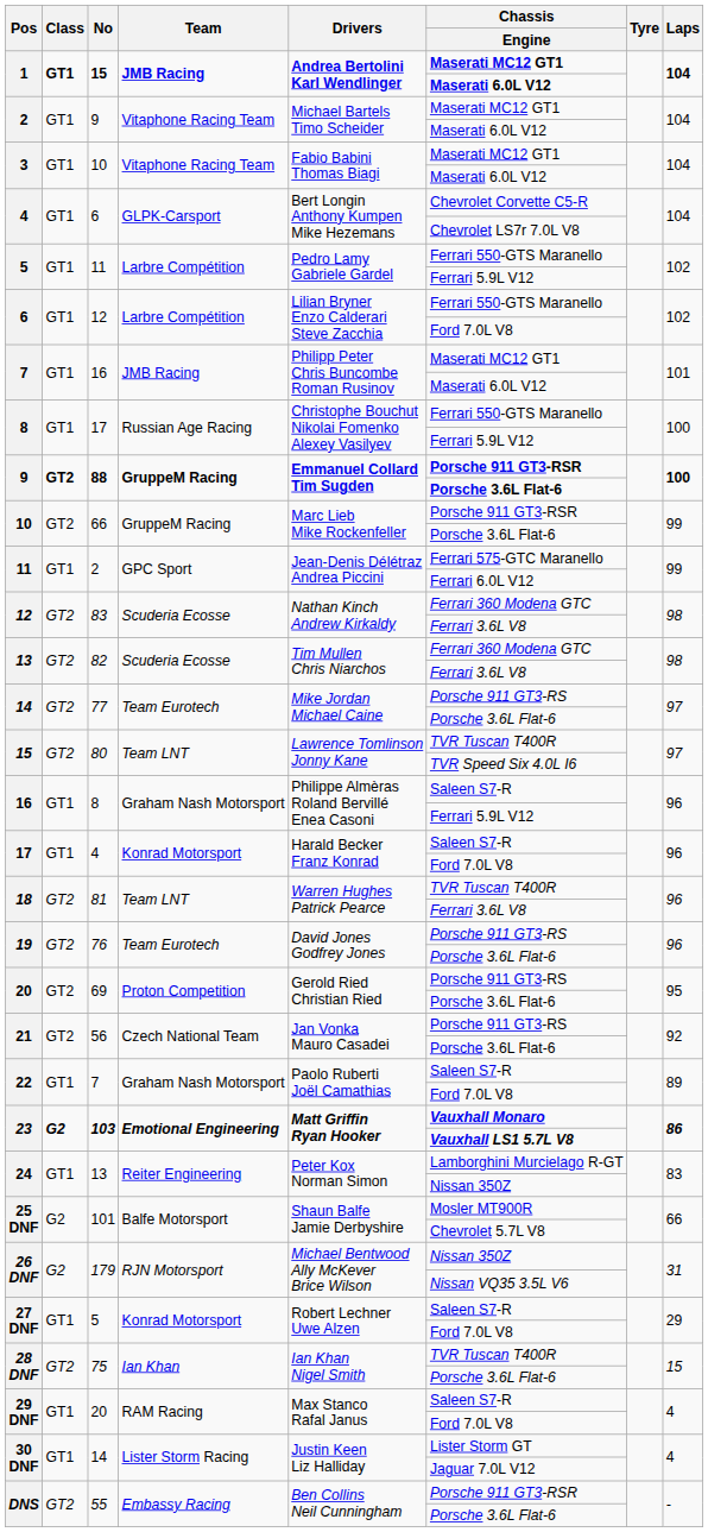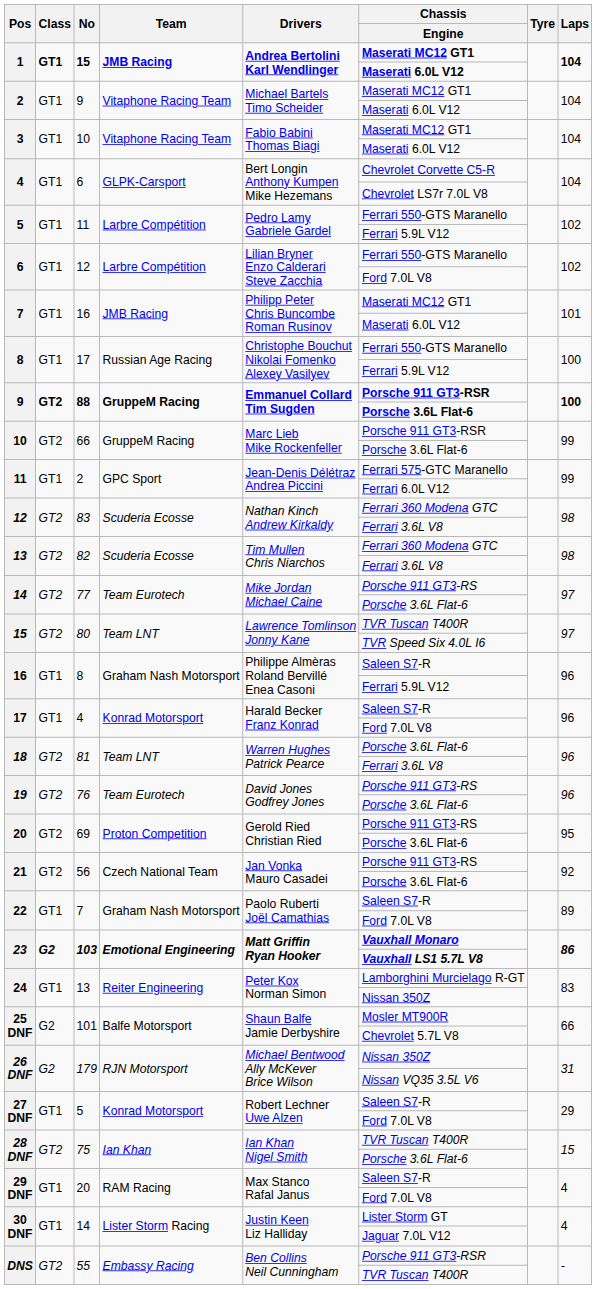 <table class="wikitable" style="font-size: 95%;">
 <tr>
 <th rowspan=2>Pos</th>
 <th rowspan=2>Class</th>
 <th rowspan=2>No</th>
 <th rowspan=2>Team</th>
 <th rowspan=2>Drivers</th>
 <th>Chassis</th>
 <th rowspan=2>Tyre</th>
 <th rowspan=2>Laps</th>
 </tr>
 <tr>
 <th>Engine</th>
 </tr>
 <tr style="font-weight:bold">
 <th rowspan=2>1</th>
 <td rowspan=2>GT1</td>
 <td rowspan=2>15</td>
 <td rowspan=2> <a href='#'>JMB Racing</a></td>
 <td rowspan=2> <a href='#'>Andrea Bertolini</a><br> <a href='#'>Karl Wendlinger</a></td>
 <td><a href='#'>Maserati MC12</a> GT1</td>
 <td rowspan=2></td>
 <td rowspan=2>104</td>
 </tr>
 <tr style="font-weight:bold">
 <td><a href='#'>Maserati</a> 6.0L V12</td>
 </tr>
 <tr>
 <th rowspan=2>2</th>
 <td rowspan=2>GT1</td>
 <td rowspan=2>9</td>
 <td rowspan=2> <a href='#'>Vitaphone Racing Team</a></td>
 <td rowspan=2> <a href='#'>Michael Bartels</a><br> <a href='#'>Timo Scheider</a></td>
 <td><a href='#'>Maserati MC12</a> GT1</td>
 <td rowspan=2></td>
 <td rowspan=2>104</td>
 </tr>
 <tr>
 <td><a href='#'>Maserati</a> 6.0L V12</td>
 </tr>
 <tr>
 <th rowspan=2>3</th>
 <td rowspan=2>GT1</td>
 <td rowspan=2>10</td>
 <td rowspan=2> <a href='#'>Vitaphone Racing Team</a></td>
 <td rowspan=2> <a href='#'>Fabio Babini</a><br> <a href='#'>Thomas Biagi</a></td>
 <td><a href='#'>Maserati MC12</a> GT1</td>
 <td rowspan=2></td>
 <td rowspan=2>104</td>
 </tr>
 <tr>
 <td><a href='#'>Maserati</a> 6.0L V12</td>
 </tr>
 <tr>
 <th rowspan=2>4</th>
 <td rowspan=2>GT1</td>
 <td rowspan=2>6</td>
 <td rowspan=2> <a href='#'>GLPK-Carsport</a></td>
 <td rowspan=2> Bert Longin<br> <a href='#'>Anthony Kumpen</a><br> Mike Hezemans</td>
 <td><a href='#'>Chevrolet Corvette C5-R</a></td>
 <td rowspan=2></td>
 <td rowspan=2>104</td>
 </tr>
 <tr>
 <td><a href='#'>Chevrolet</a> LS7r 7.0L V8</td>
 </tr>
 <tr>
 <th rowspan=2>5</th>
 <td rowspan=2>GT1</td>
 <td rowspan=2>11</td>
 <td rowspan=2> <a href='#'>Larbre Compétition</a></td>
 <td rowspan=2> <a href='#'>Pedro Lamy</a><br> <a href='#'>Gabriele Gardel</a></td>
 <td><a href='#'>Ferrari 550</a>-GTS Maranello</td>
 <td rowspan=2></td>
 <td rowspan=2>102</td>
 </tr>
 <tr>
 <td><a href='#'>Ferrari</a> 5.9L V12</td>
 </tr>
 <tr>
 <th rowspan=2>6</th>
 <td rowspan=2>GT1</td>
 <td rowspan=2>12</td>
 <td rowspan=2> <a href='#'>Larbre Compétition</a></td>
 <td rowspan=2> <a href='#'>Lilian Bryner</a><br> <a href='#'>Enzo Calderari</a><br> <a href='#'>Steve Zacchia</a></td>
 <td><a href='#'>Ferrari 550</a>-GTS Maranello</td>
 <td rowspan=2></td>
 <td rowspan=2>102</td>
 </tr>
 <tr>
 <td><a href='#'>Ford</a> 7.0L V8</td>
 </tr>
 <tr>
 <th rowspan=2>7</th>
 <td rowspan=2>GT1</td>
 <td rowspan=2>16</td>
 <td rowspan=2> <a href='#'>JMB Racing</a></td>
 <td rowspan=2> <a href='#'>Philipp Peter</a><br> <a href='#'>Chris Buncombe</a><br> <a href='#'>Roman Rusinov</a></td>
 <td><a href='#'>Maserati MC12</a> GT1</td>
 <td rowspan=2></td>
 <td rowspan=2>101</td>
 </tr>
 <tr>
 <td><a href='#'>Maserati</a> 6.0L V12</td>
 </tr>
 <tr>
 <th rowspan=2>8</th>
 <td rowspan=2>GT1</td>
 <td rowspan=2>17</td>
 <td rowspan=2> Russian Age Racing</td>
 <td rowspan=2> <a href='#'>Christophe Bouchut</a><br> <a href='#'>Nikolai Fomenko</a><br> <a href='#'>Alexey Vasilyev</a></td>
 <td><a href='#'>Ferrari 550</a>-GTS Maranello</td>
 <td rowspan=2></td>
 <td rowspan=2>100</td>
 </tr>
 <tr>
 <td><a href='#'>Ferrari</a> 5.9L V12</td>
 </tr>
 <tr style="font-weight:bold">
 <th rowspan=2>9</th>
 <td rowspan=2>GT2</td>
 <td rowspan=2>88</td>
 <td rowspan=2> GruppeM Racing</td>
 <td rowspan=2> <a href='#'>Emmanuel Collard</a><br> <a href='#'>Tim Sugden</a></td>
 <td><a href='#'>Porsche 911 GT3</a>-RSR</td>
 <td rowspan=2></td>
 <td rowspan=2>100</td>
 </tr>
 <tr style="font-weight:bold">
 <td><a href='#'>Porsche</a> 3.6L Flat-6</td>
 </tr>
 <tr>
 <th rowspan=2>10</th>
 <td rowspan=2>GT2</td>
 <td rowspan=2>66</td>
 <td rowspan=2> GruppeM Racing</td>
 <td rowspan=2> <a href='#'>Marc Lieb</a><br> <a href='#'>Mike Rockenfeller</a></td>
 <td><a href='#'>Porsche 911 GT3</a>-RSR</td>
 <td rowspan=2></td>
 <td rowspan=2>99</td>
 </tr>
 <tr>
 <td><a href='#'>Porsche</a> 3.6L Flat-6</td>
 </tr>
 <tr>
 <th rowspan=2>11</th>
 <td rowspan=2>GT1</td>
 <td rowspan=2>2</td>
 <td rowspan=2> GPC Sport</td>
 <td rowspan=2> <a href='#'>Jean-Denis Délétraz</a><br> <a href='#'>Andrea Piccini</a></td>
 <td><a href='#'>Ferrari 575</a>-GTC Maranello</td>
 <td rowspan=2></td>
 <td rowspan=2>99</td>
 </tr>
 <tr>
 <td><a href='#'>Ferrari</a> 6.0L V12</td>
 </tr>
 <tr style="font-style:italic">
 <th rowspan=2>12</th>
 <td rowspan=2>GT2</td>
 <td rowspan=2>83</td>
 <td rowspan=2> Scuderia Ecosse</td>
 <td rowspan=2> Nathan Kinch<br> <a href='#'>Andrew Kirkaldy</a></td>
 <td><a href='#'>Ferrari 360 Modena</a> GTC</td>
 <td rowspan=2></td>
 <td rowspan=2>98</td>
 </tr>
 <tr style="font-style:italic">
 <td><a href='#'>Ferrari</a> 3.6L V8</td>
 </tr>
 <tr style="font-style:italic">
 <th rowspan=2>13</th>
 <td rowspan=2>GT2</td>
 <td rowspan=2>82</td>
 <td rowspan=2> Scuderia Ecosse</td>
 <td rowspan=2> <a href='#'>Tim Mullen</a><br> Chris Niarchos</td>
 <td><a href='#'>Ferrari 360 Modena</a> GTC</td>
 <td rowspan=2></td>
 <td rowspan=2>98</td>
 </tr>
 <tr style="font-style:italic">
 <td><a href='#'>Ferrari</a> 3.6L V8</td>
 </tr>
 <tr style="font-style:italic">
 <th rowspan=2>14</th>
 <td rowspan=2>GT2</td>
 <td rowspan=2>77</td>
 <td rowspan=2> Team Eurotech</td>
 <td rowspan=2> <a href='#'>Mike Jordan</a><br> <a href='#'>Michael Caine</a></td>
 <td><a href='#'>Porsche 911 GT3</a>-RS</td>
 <td rowspan=2></td>
 <td rowspan=2>97</td>
 </tr>
 <tr style="font-style:italic">
 <td><a href='#'>Porsche</a> 3.6L Flat-6</td>
 </tr>
 <tr style="font-style:italic">
 <th rowspan=2>15</th>
 <td rowspan=2>GT2</td>
 <td rowspan=2>80</td>
 <td rowspan=2> Team LNT</td>
 <td rowspan=2> <a href='#'>Lawrence Tomlinson</a><br> <a href='#'>Jonny Kane</a></td>
 <td><a href='#'>TVR Tuscan</a> T400R</td>
 <td rowspan=2></td>
 <td rowspan=2>97</td>
 </tr>
 <tr style="font-style:italic">
 <td><a href='#'>TVR</a> Speed Six 4.0L I6</td>
 </tr>
 <tr>
 <th rowspan=2>16</th>
 <td rowspan=2>GT1</td>
 <td rowspan=2>8</td>
 <td rowspan=2> Graham Nash Motorsport</td>
 <td rowspan=2> Philippe Almèras<br> Roland Bervillé<br> Enea Casoni</td>
 <td><a href='#'>Saleen S7</a>-R</td>
 <td rowspan=2></td>
 <td rowspan=2>96</td>
 </tr>
 <tr>
 <td><a href='#'>Ferrari</a> 5.9L V12</td>
 </tr>
 <tr>
 <th rowspan=2>17</th>
 <td rowspan=2>GT1</td>
 <td rowspan=2>4</td>
 <td rowspan=2> <a href='#'>Konrad Motorsport</a></td>
 <td rowspan=2> Harald Becker<br> <a href='#'>Franz Konrad</a></td>
 <td><a href='#'>Saleen S7</a>-R</td>
 <td rowspan=2></td>
 <td rowspan=2>96</td>
 </tr>
 <tr>
 <td><a href='#'>Ford</a> 7.0L V8</td>
 </tr>
 <tr style="font-style:italic">
 <th rowspan=2>18</th>
 <td rowspan=2>GT2</td>
 <td rowspan=2>81</td>
 <td rowspan=2> Team LNT</td>
 <td rowspan=2> <a href='#'>Warren Hughes</a><br> Patrick Pearce</td>
-<td><a href='#'>TVR Tuscan</a> T400R</td>
+<td><a href='#'>Porsche</a> 3.6L Flat-6</td>
 <td rowspan=2></td>
 <td rowspan=2>96</td>
 </tr>
 <tr style="font-style:italic">
 <td><a href='#'>Ferrari</a> 3.6L V8</td>
 </tr>
 <tr style="font-style:italic">
 <th rowspan=2>19</th>
 <td rowspan=2>GT2</td>
 <td rowspan=2>76</td>
 <td rowspan=2> Team Eurotech</td>
 <td rowspan=2> David Jones<br> Godfrey Jones</td>
 <td><a href='#'>Porsche 911 GT3</a>-RS</td>
 <td rowspan=2></td>
 <td rowspan=2>96</td>
 </tr>
 <tr style="font-style:italic">
 <td><a href='#'>Porsche</a> 3.6L Flat-6</td>
 </tr>
 <tr>
 <th rowspan=2>20</th>
 <td rowspan=2>GT2</td>
 <td rowspan=2>69</td>
 <td rowspan=2> <a href='#'>Proton Competition</a></td>
 <td rowspan=2> Gerold Ried<br> Christian Ried</td>
 <td><a href='#'>Porsche 911 GT3</a>-RS</td>
 <td rowspan=2></td>
 <td rowspan=2>95</td>
 </tr>
 <tr>
 <td><a href='#'>Porsche</a> 3.6L Flat-6</td>
 </tr>
 <tr>
 <th rowspan=2>21</th>
 <td rowspan=2>GT2</td>
 <td rowspan=2>56</td>
 <td rowspan=2> Czech National Team</td>
 <td rowspan=2> <a href='#'>Jan Vonka</a><br> Mauro Casadei</td>
 <td><a href='#'>Porsche 911 GT3</a>-RS</td>
 <td rowspan=2></td>
 <td rowspan=2>92</td>
 </tr>
 <tr>
 <td><a href='#'>Porsche</a> 3.6L Flat-6</td>
 </tr>
 <tr>
 <th rowspan=2>22</th>
 <td rowspan=2>GT1</td>
 <td rowspan=2>7</td>
 <td rowspan=2> Graham Nash Motorsport</td>
 <td rowspan=2> Paolo Ruberti<br> <a href='#'>Joël Camathias</a></td>
 <td><a href='#'>Saleen S7</a>-R</td>
 <td rowspan=2></td>
 <td rowspan=2>89</td>
 </tr>
 <tr>
 <td><a href='#'>Ford</a> 7.0L V8</td>
 </tr>
 <tr style="font-weight:bold; font-style:italic">
 <th rowspan=2>23</th>
 <td rowspan=2>G2</td>
 <td rowspan=2>103</td>
 <td rowspan=2> Emotional Engineering</td>
 <td rowspan=2> Matt Griffin<br> Ryan Hooker</td>
 <td><a href='#'>Vauxhall Monaro</a></td>
 <td rowspan=2></td>
 <td rowspan=2>86</td>
 </tr>
 <tr style="font-weight:bold; font-style:italic">
 <td><a href='#'>Vauxhall</a> LS1 5.7L V8</td>
 </tr>
 <tr>
 <th rowspan=2>24</th>
 <td rowspan=2>GT1</td>
 <td rowspan=2>13</td>
 <td rowspan=2> <a href='#'>Reiter Engineering</a></td>
 <td rowspan=2> <a href='#'>Peter Kox</a><br> Norman Simon</td>
 <td><a href='#'>Lamborghini Murcielago</a> R-GT</td>
 <td rowspan=2></td>
 <td rowspan=2>83</td>
 </tr>
 <tr>
 <td><a href='#'>Nissan 350Z</a></td>
 </tr>
 <tr>
 <th rowspan=2>25<br>DNF</th>
 <td rowspan=2>G2</td>
 <td rowspan=2>101</td>
 <td rowspan=2> Balfe Motorsport</td>
 <td rowspan=2> <a href='#'>Shaun Balfe</a><br> Jamie Derbyshire</td>
 <td><a href='#'>Mosler MT900R</a></td>
 <td rowspan=2></td>
 <td rowspan=2>66</td>
 </tr>
 <tr>
 <td><a href='#'>Chevrolet</a> 5.7L V8</td>
 </tr>
 <tr style="font-style:italic">
 <th rowspan=2>26<br>DNF</th>
 <td rowspan=2>G2</td>
 <td rowspan=2>179</td>
 <td rowspan=2> RJN Motorsport</td>
 <td rowspan=2> <a href='#'>Michael Bentwood</a><br> Ally McKever<br> Brice Wilson</td>
 <td><a href='#'>Nissan 350Z</a></td>
 <td rowspan=2></td>
 <td rowspan=2>31</td>
 </tr>
 <tr style="font-style:italic">
 <td><a href='#'>Nissan</a> VQ35 3.5L V6</td>
 </tr>
 <tr>
 <th rowspan=2>27<br>DNF</th>
 <td rowspan=2>GT1</td>
 <td rowspan=2>5</td>
 <td rowspan=2> <a href='#'>Konrad Motorsport</a></td>
 <td rowspan=2> Robert Lechner<br> <a href='#'>Uwe Alzen</a></td>
 <td><a href='#'>Saleen S7</a>-R</td>
 <td rowspan=2></td>
 <td rowspan=2>29</td>
 </tr>
 <tr>
 <td><a href='#'>Ford</a> 7.0L V8</td>
 </tr>
 <tr style="font-style:italic">
 <th rowspan=2>28<br>DNF</th>
 <td rowspan=2>GT2</td>
 <td rowspan=2>75</td>
 <td rowspan=2> <a href='#'>Ian Khan</a></td>
 <td rowspan=2> <a href='#'>Ian Khan</a><br> <a href='#'>Nigel Smith</a></td>
 <td><a href='#'>TVR Tuscan</a> T400R</td>
 <td rowspan=2></td>
 <td rowspan=2>15</td>
 </tr>
 <tr style="font-style:italic">
 <td><a href='#'>Porsche</a> 3.6L Flat-6</td>
 </tr>
 <tr>
 <th rowspan=2>29<br>DNF</th>
 <td rowspan=2>GT1</td>
 <td rowspan=2>20</td>
 <td rowspan=2> RAM Racing</td>
 <td rowspan=2> Max Stanco<br> Rafal Janus</td>
 <td><a href='#'>Saleen S7</a>-R</td>
 <td rowspan=2></td>
 <td rowspan=2>4</td>
 </tr>
 <tr>
 <td><a href='#'>Ford</a> 7.0L V8</td>
 </tr>
 <tr>
 <th rowspan=2>30<br>DNF</th>
 <td rowspan=2>GT1</td>
 <td rowspan=2>14</td>
 <td rowspan=2> <a href='#'>Lister Storm</a> Racing</td>
 <td rowspan=2> <a href='#'>Justin Keen</a><br> Liz Halliday</td>
 <td><a href='#'>Lister Storm</a> GT</td>
 <td rowspan=2></td>
 <td rowspan=2>4</td>
 </tr>
 <tr>
 <td><a href='#'>Jaguar</a> 7.0L V12</td>
 </tr>
 <tr style="font-style:italic">
 <th rowspan=2>DNS</th>
 <td rowspan=2>GT2</td>
 <td rowspan=2>55</td>
 <td rowspan=2> <a href='#'>Embassy Racing</a></td>
 <td rowspan=2> <a href='#'>Ben Collins</a><br> Neil Cunningham</td>
 <td><a href='#'>Porsche 911 GT3</a>-RSR</td>
 <td rowspan=2></td>
 <td rowspan=2>-</td>
 </tr>
 <tr style="font-style:italic">
-<td><a href='#'>Porsche</a> 3.6L Flat-6</td>
+<td><a href='#'>TVR Tuscan</a> T400R</td>
 </tr>
 </table>
